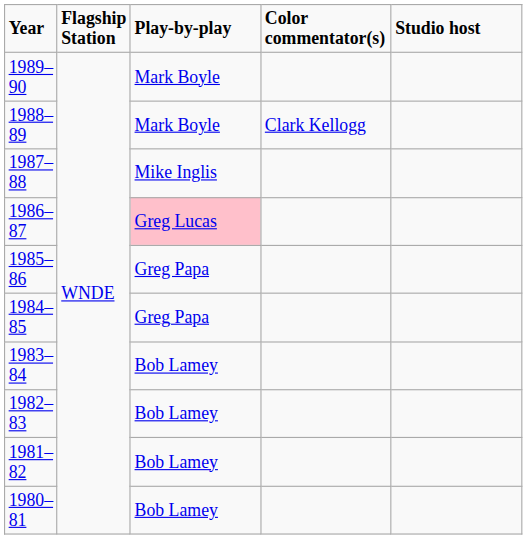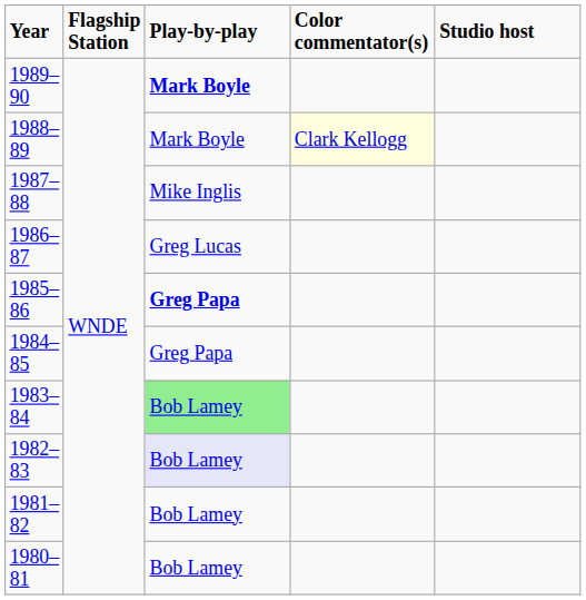 <table class="wikitable">
 <tr>
 <td width="40"><strong>Year</strong></td>
 <td width="40"><strong>Flagship Station</strong></td>
 <td width="110"><strong>Play-by-play</strong></td>
 <td width="110"><strong>Color commentator(s)</strong></td>
 <td width="110"><strong>Studio host</strong></td>
 </tr>
 <tr>
 <td><a href='#'>1989–90</a></td>
 <td rowspan=10><a href='#'>WNDE</a></td>
-<td><a href='#'>Mark Boyle</a></td>
+<td><strong><a href='#'>Mark Boyle</a></strong></td>
 <td></td>
 <td></td>
 </tr>
 <tr>
 <td><a href='#'>1988–89</a></td>
 <td><a href='#'>Mark Boyle</a></td>
-<td><a href='#'>Clark Kellogg</a></td>
+<td style="background: lightyellow;"><a href='#'>Clark Kellogg</a></td>
 <td></td>
 </tr>
 <tr>
 <td><a href='#'>1987–88</a></td>
 <td><a href='#'>Mike Inglis</a></td>
 <td></td>
 <td></td>
 </tr>
 <tr>
 <td><a href='#'>1986–87</a></td>
-<td style="background: pink;"><a href='#'>Greg Lucas</a></td>
+<td><a href='#'>Greg Lucas</a></td>
 <td></td>
 <td></td>
 </tr>
 <tr>
 <td><a href='#'>1985–86</a></td>
-<td><a href='#'>Greg Papa</a></td>
+<td><strong><a href='#'>Greg Papa</a></strong></td>
 <td></td>
 <td></td>
 </tr>
 <tr>
 <td><a href='#'>1984–85</a></td>
 <td><a href='#'>Greg Papa</a></td>
 <td></td>
 <td></td>
 </tr>
 <tr>
 <td><a href='#'>1983–84</a></td>
-<td><a href='#'>Bob Lamey</a></td>
+<td style="background: lightgreen;"><a href='#'>Bob Lamey</a></td>
 <td></td>
 <td></td>
 </tr>
 <tr>
 <td><a href='#'>1982–83</a></td>
-<td><a href='#'>Bob Lamey</a></td>
+<td style="background: lavender;"><a href='#'>Bob Lamey</a></td>
 <td></td>
 <td></td>
 </tr>
 <tr>
 <td><a href='#'>1981–82</a></td>
 <td><a href='#'>Bob Lamey</a></td>
 <td></td>
 <td></td>
 </tr>
 <tr>
 <td><a href='#'>1980–81</a></td>
 <td><a href='#'>Bob Lamey</a></td>
 <td></td>
 <td></td>
 </tr>
 </table>
